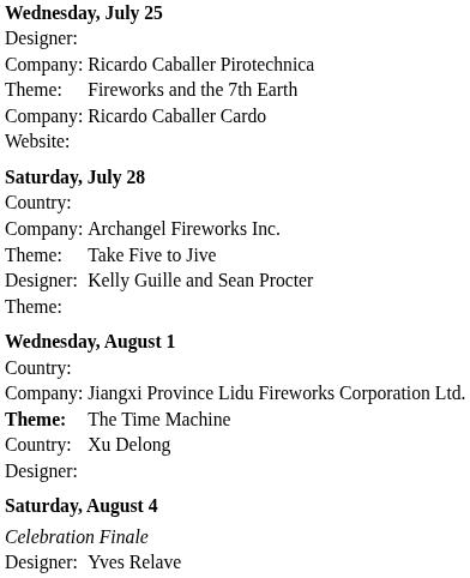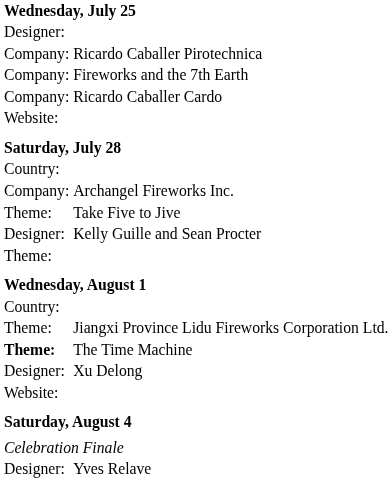 <table border="0">
 <tr>
 <td colspan="2"><strong>Wednesday, July 25</strong></td>
 </tr>
 <tr>
 <td>Designer:</td>
 <td></td>
 </tr>
 <tr>
 <td>Company:</td>
 <td>Ricardo Caballer Pirotechnica</td>
 </tr>
 <tr>
-<td>Theme:</td>
+<td>Company:</td>
 <td>Fireworks and the 7th Earth</td>
 </tr>
 <tr>
 <td>Company:</td>
 <td>Ricardo Caballer Cardo</td>
 </tr>
 <tr>
 <td>Website:</td>
 <td></td>
 </tr>
 <tr>
 <td colspan="2"></td>
 </tr>
 <tr>
 <td></td>
 </tr>
 <tr>
 <td colspan="2"><strong>Saturday, July 28</strong></td>
 </tr>
 <tr>
 <td>Country:</td>
 <td></td>
 </tr>
 <tr>
 <td>Company:</td>
 <td>Archangel Fireworks Inc.</td>
 </tr>
 <tr>
 <td>Theme:</td>
 <td>Take Five to Jive</td>
 </tr>
 <tr>
 <td>Designer:</td>
 <td>Kelly Guille and Sean Procter</td>
 </tr>
 <tr>
 <td>Theme:</td>
 <td></td>
 </tr>
 <tr>
 <td colspan="2"></td>
 </tr>
 <tr>
 <td></td>
 </tr>
 <tr>
 <td colspan="2"><strong>Wednesday, August 1</strong></td>
 </tr>
 <tr>
 <td>Country:</td>
 <td></td>
 </tr>
 <tr>
-<td>Company:</td>
+<td>Theme:</td>
 <td>Jiangxi Province Lidu Fireworks Corporation Ltd.</td>
 </tr>
 <tr>
 <td><strong>Theme:</strong></td>
 <td>The Time Machine</td>
 </tr>
 <tr>
-<td>Country:</td>
+<td>Designer:</td>
 <td>Xu Delong</td>
 </tr>
 <tr>
-<td>Designer:</td>
+<td>Website:</td>
 <td></td>
 </tr>
 <tr>
 <td colspan="2"></td>
 </tr>
 <tr>
 <td></td>
 </tr>
 <tr>
 <td colspan="2"><strong>Saturday, August 4</strong></td>
 </tr>
 <tr>
 <td></td>
 </tr>
 <tr>
 <td colspan="2"><em>Celebration Finale</em></td>
 </tr>
 <tr>
 <td>Designer:</td>
 <td>Yves Relave</td>
 </tr>
 <tr>
 <td colspan="2"></td>
 </tr>
 </table>
